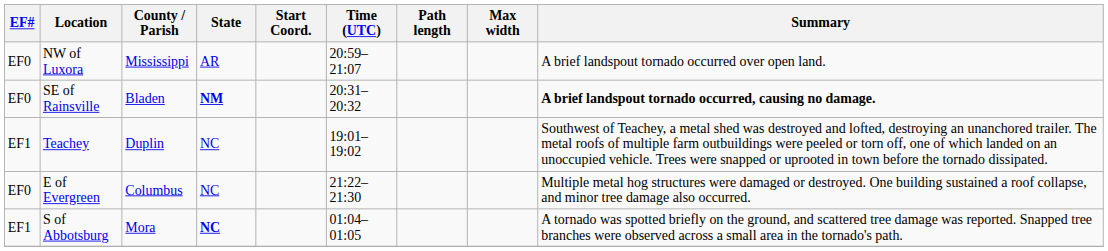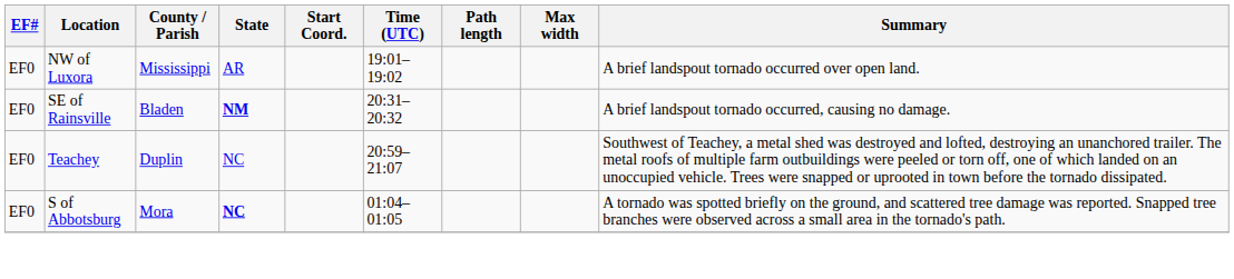 <table class="wikitable sortable" style="width:100%;">
 <tr>
 <th scope="col"  style="width:3%; text-align:center;"><a href='#'>EF#</a></th>
 <th scope="col"  style="width:7%; text-align:center;" class="unsortable">Location</th>
 <th scope="col"  style="width:6%; text-align:center;" class="unsortable">County / Parish</th>
 <th scope="col"  style="width:5%; text-align:center;">State</th>
 <th scope="col"  style="width:6%; text-align:center;">Start Coord.</th>
 <th scope="col"  style="width:6%; text-align:center;">Time (<a href='#'>UTC</a>)</th>
 <th scope="col"  style="width:6%; text-align:center;">Path length</th>
 <th scope="col"  style="width:6%; text-align:center;">Max width</th>
 <th scope="col" class="unsortable" style="width:48%; text-align:center;">Summary</th>
 </tr>
 <tr>
 <td>EF0</td>
 <td>NW of <a href='#'>Luxora</a></td>
 <td><a href='#'>Mississippi</a></td>
 <td><a href='#'>AR</a></td>
 <td></td>
-<td>20:59–21:07</td>
+<td>19:01–19:02</td>
 <td></td>
 <td></td>
 <td>A brief landspout tornado occurred over open land.</td>
 </tr>
 <tr>
 <td>EF0</td>
 <td>SE of <a href='#'>Rainsville</a></td>
 <td><a href='#'>Bladen</a></td>
 <td><strong><a href='#'>NM</a></strong></td>
 <td></td>
 <td>20:31–20:32</td>
 <td></td>
 <td></td>
-<td><strong>A brief landspout tornado occurred, causing no damage.</strong></td>
+<td>A brief landspout tornado occurred, causing no damage.</td>
 </tr>
 <tr>
-<td>EF1</td>
+<td>EF0</td>
 <td><a href='#'>Teachey</a></td>
 <td><a href='#'>Duplin</a></td>
 <td><a href='#'>NC</a></td>
 <td></td>
-<td>19:01–19:02</td>
+<td>20:59–21:07</td>
 <td></td>
 <td></td>
 <td>Southwest of Teachey, a metal shed was destroyed and lofted, destroying an unanchored trailer. The metal roofs of multiple farm outbuildings were peeled or torn off, one of which landed on an unoccupied vehicle. Trees were snapped or uprooted in town before the tornado dissipated.</td>
 </tr>
 <tr>
 <td>EF0</td>
-<td>E of <a href='#'>Evergreen</a></td>
-<td><a href='#'>Columbus</a></td>
-<td><a href='#'>NC</a></td>
-<td></td>
-<td>21:22–21:30</td>
-<td></td>
-<td></td>
-<td>Multiple metal hog structures were damaged or destroyed. One building sustained a roof collapse, and minor tree damage also occurred.</td>
-</tr>
-<tr>
-<td>EF1</td>
 <td>S of <a href='#'>Abbotsburg</a></td>
 <td><a href='#'>Mora</a></td>
 <td><strong><a href='#'>NC</a></strong></td>
 <td></td>
 <td>01:04–01:05</td>
 <td></td>
 <td></td>
 <td>A tornado was spotted briefly on the ground, and scattered tree damage was reported. Snapped tree branches were observed across a small area in the tornado's path.</td>
 </tr>
 <tr>
 </tr>
 </table>
